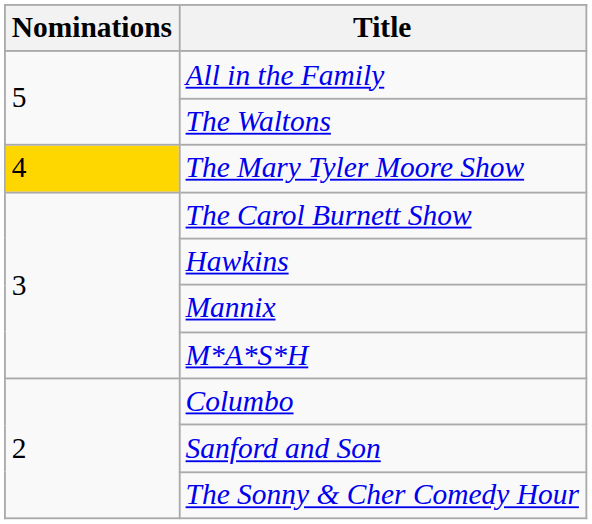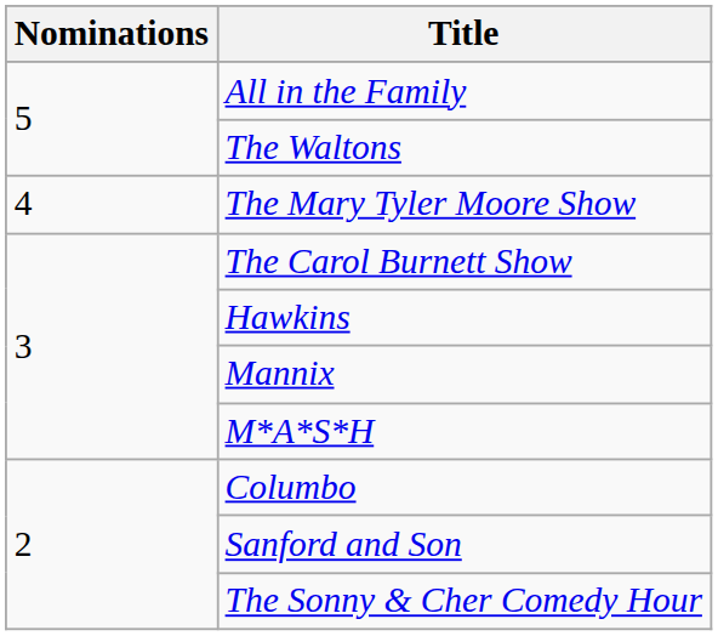 <table class="wikitable">
 <tr>
 <th>Nominations</th>
 <th>Title</th>
 </tr>
 <tr>
 <td rowspan="2">5</td>
 <td><em><a href='#'>All in the Family</a></em></td>
 </tr>
 <tr>
 <td><em><a href='#'>The Waltons</a></em></td>
 </tr>
 <tr>
-<td style="background: gold;">4</td>
+<td>4</td>
 <td><em><a href='#'>The Mary Tyler Moore Show</a></em></td>
 </tr>
 <tr>
 <td rowspan="4">3</td>
 <td><em><a href='#'>The Carol Burnett Show</a></em></td>
 </tr>
 <tr>
 <td><em><a href='#'>Hawkins</a></em></td>
 </tr>
 <tr>
 <td><em><a href='#'>Mannix</a></em></td>
 </tr>
 <tr>
 <td><em><a href='#'>M*A*S*H</a></em></td>
 </tr>
 <tr>
 <td rowspan="3">2</td>
 <td><em><a href='#'>Columbo</a></em></td>
 </tr>
 <tr>
 <td><em><a href='#'>Sanford and Son</a></em></td>
 </tr>
 <tr>
 <td><em><a href='#'>The Sonny & Cher Comedy Hour</a></em></td>
 </tr>
 </table>
